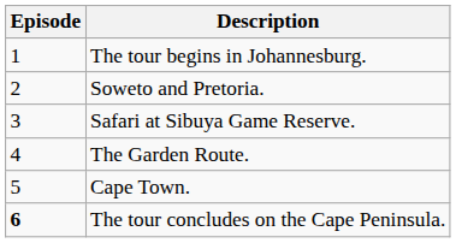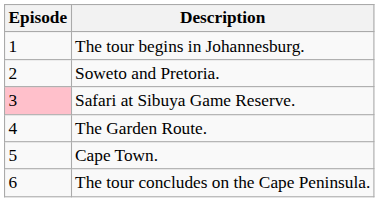 <table class="wikitable">
 <tr>
 <th>Episode</th>
 <th>Description</th>
 </tr>
 <tr>
 <td>1</td>
 <td>The tour begins in Johannesburg.</td>
 </tr>
 <tr>
 <td>2</td>
 <td>Soweto and Pretoria.</td>
 </tr>
 <tr>
-<td>3</td>
+<td style="background: pink;">3</td>
 <td>Safari at Sibuya Game Reserve.</td>
 </tr>
 <tr>
 <td>4</td>
 <td>The Garden Route.</td>
 </tr>
 <tr>
 <td>5</td>
 <td>Cape Town.</td>
 </tr>
 <tr>
-<td><strong>6</strong></td>
+<td>6</td>
 <td>The tour concludes on the Cape Peninsula.</td>
 </tr>
 </table>
